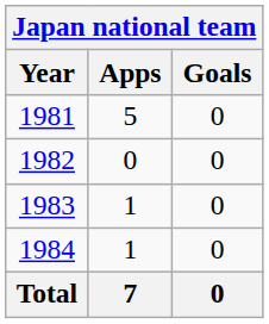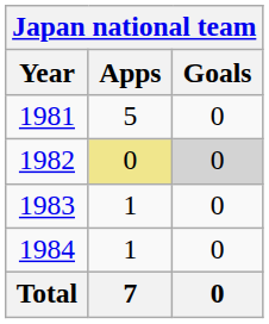 <table class="wikitable" style="text-align:center">
 <tr>
 <th colspan=3><a href='#'>Japan national team</a></th>
 </tr>
 <tr>
 <th>Year</th>
 <th>Apps</th>
 <th>Goals</th>
 </tr>
 <tr>
 <td><a href='#'>1981</a></td>
 <td>5</td>
 <td>0</td>
 </tr>
 <tr>
 <td><a href='#'>1982</a></td>
-<td>0</td>
-<td>0</td>
+<td style="background: khaki;">0</td>
+<td style="background: lightgrey;">0</td>
 </tr>
 <tr>
 <td><a href='#'>1983</a></td>
 <td>1</td>
 <td>0</td>
 </tr>
 <tr>
 <td><a href='#'>1984</a></td>
 <td>1</td>
 <td>0</td>
 </tr>
 <tr>
 <th>Total</th>
 <th>7</th>
 <th>0</th>
 </tr>
 </table>
